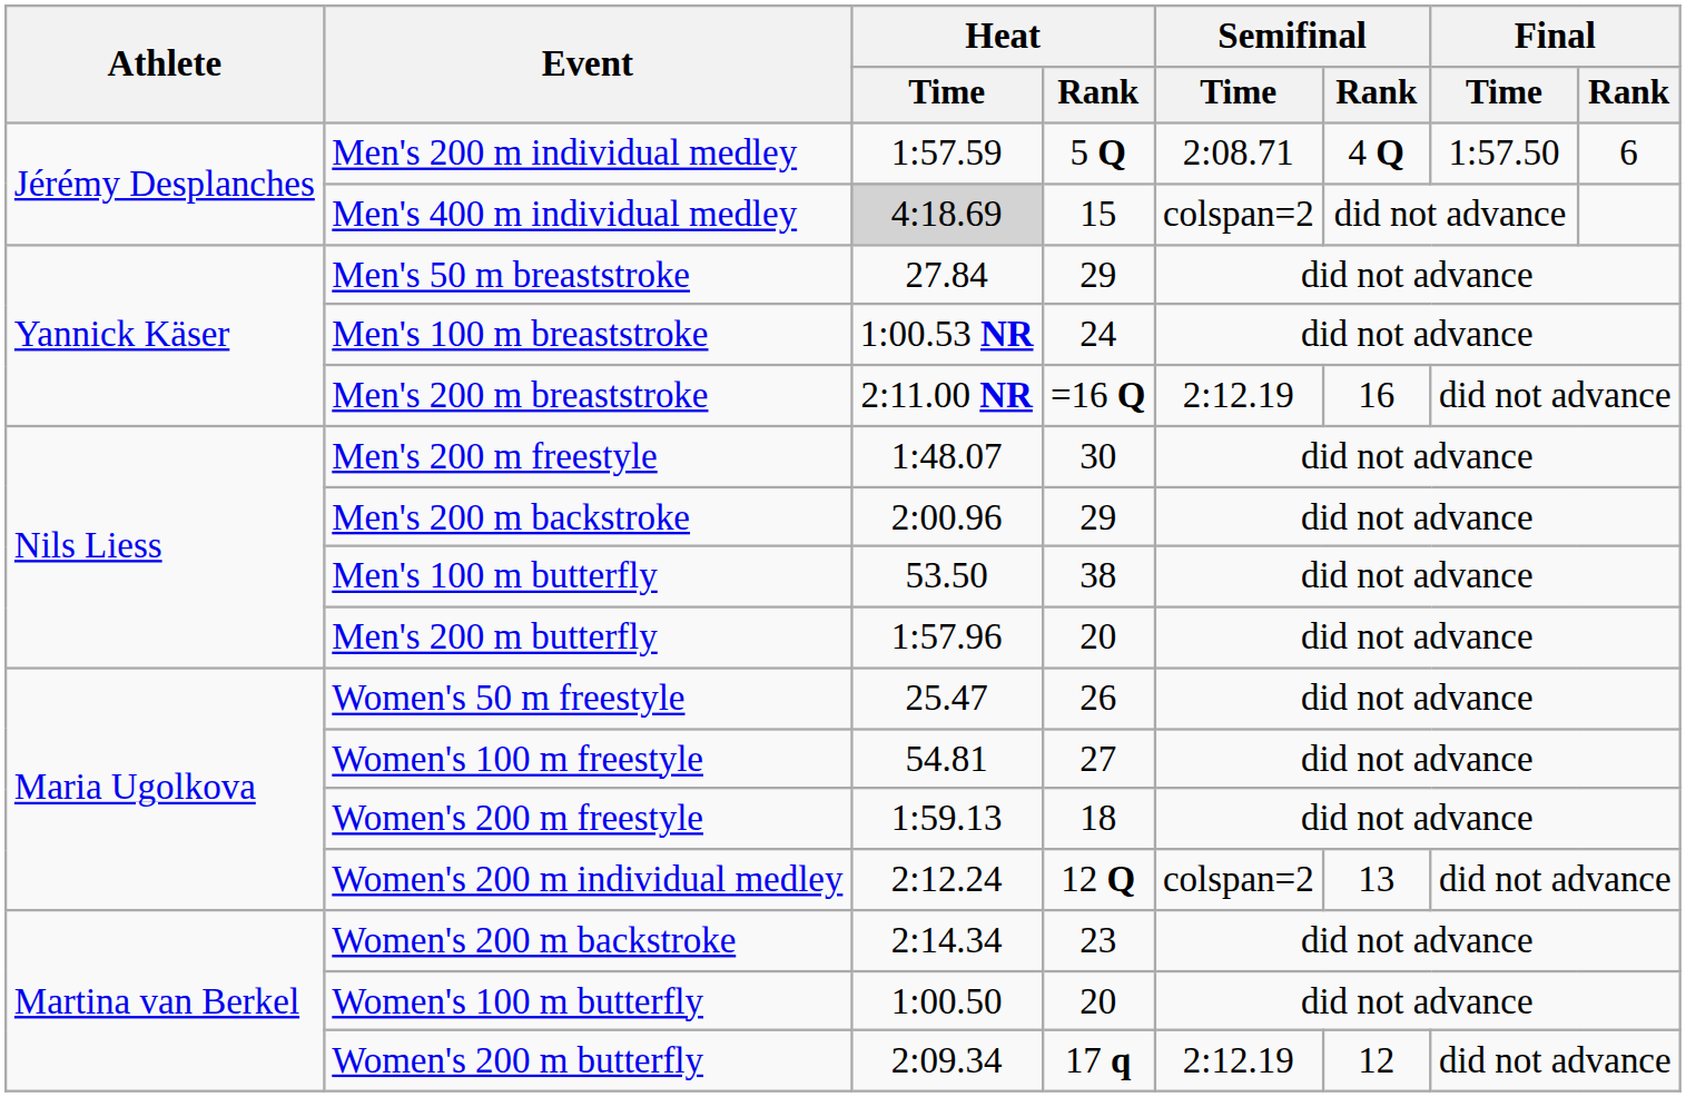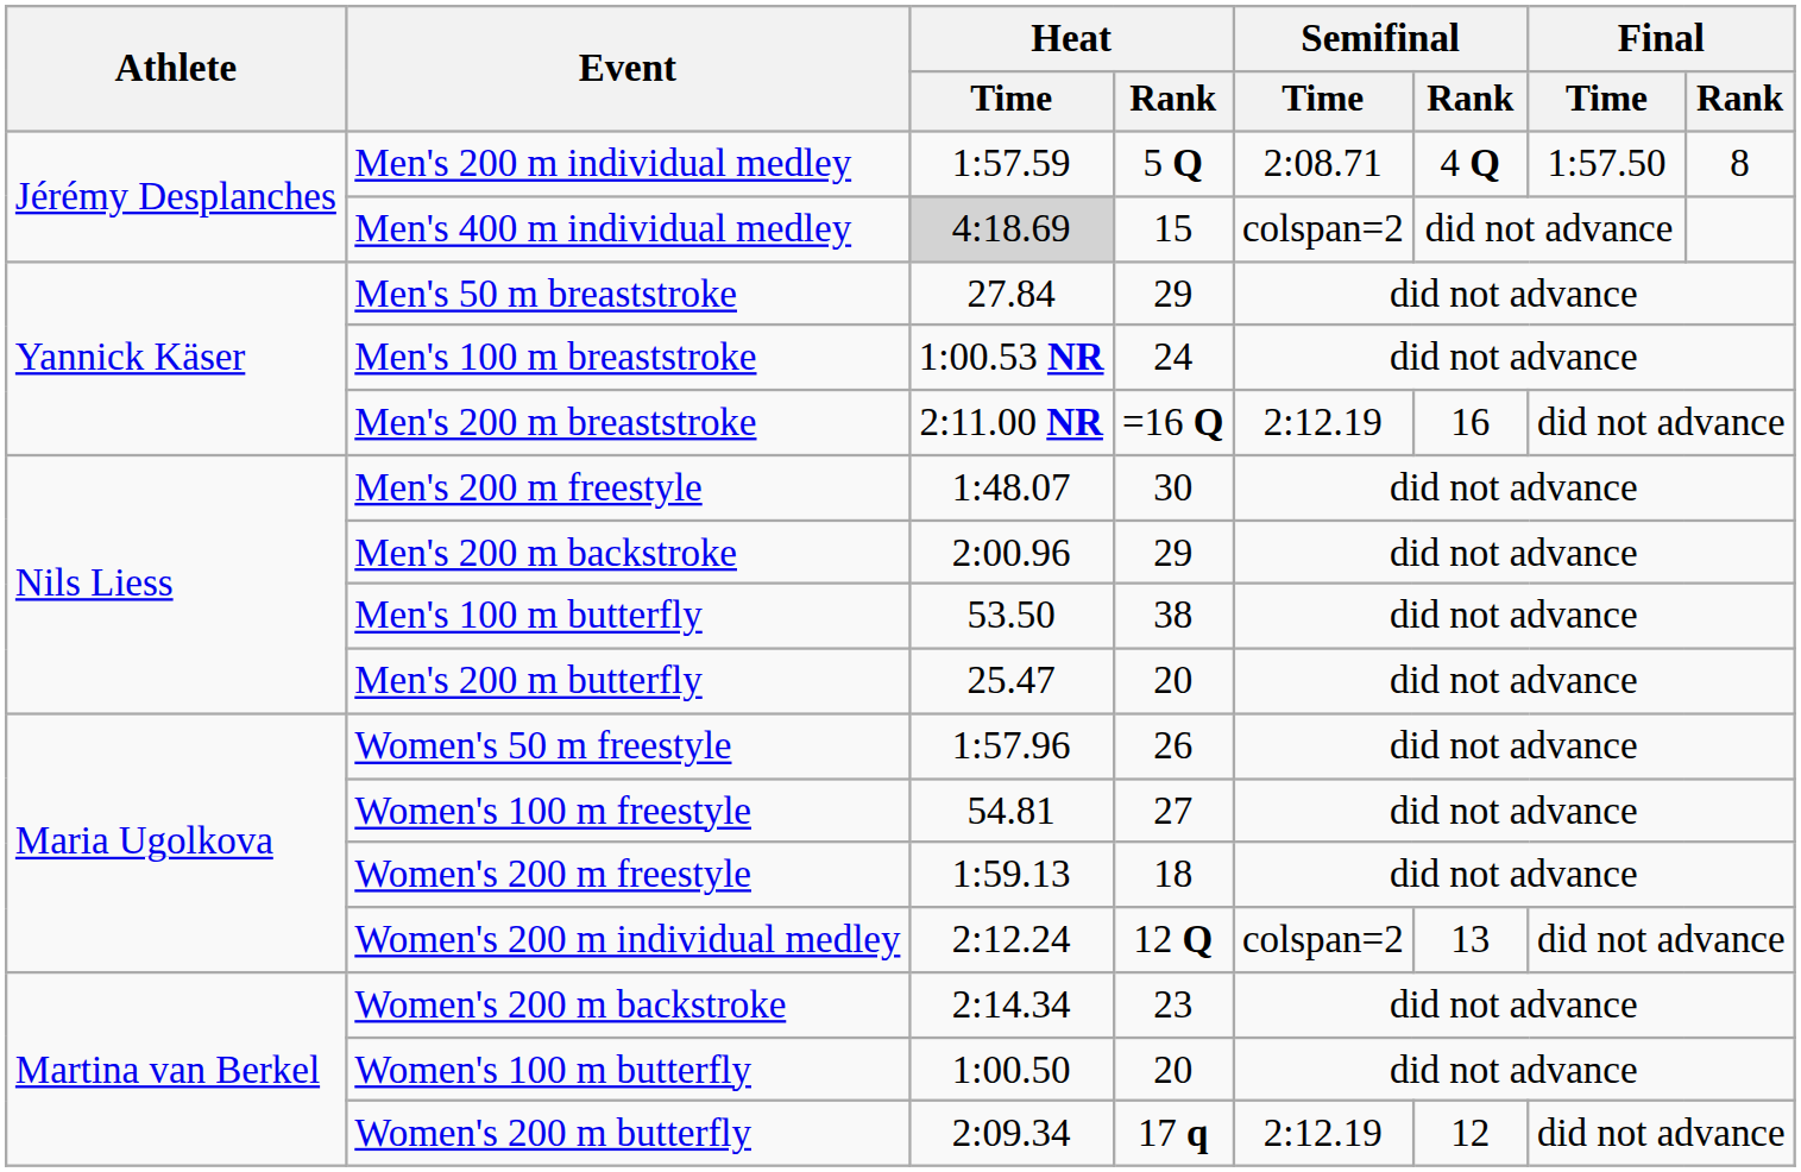 <table class=wikitable style="font-size:90%">
 <tr>
 <th rowspan="2">Athlete</th>
 <th rowspan="2">Event</th>
 <th colspan="2">Heat</th>
 <th colspan="2">Semifinal</th>
 <th colspan="2">Final</th>
 </tr>
 <tr style="font-size:95%">
 <th>Time</th>
 <th>Rank</th>
 <th>Time</th>
 <th>Rank</th>
 <th>Time</th>
 <th>Rank</th>
 </tr>
 <tr align=center>
 <td align=left rowspan=2><a href='#'>Jérémy Desplanches</a></td>
 <td align=left><a href='#'>Men's 200 m individual medley</a></td>
 <td>1:57.59</td>
 <td>5 <strong>Q</strong></td>
 <td>2:08.71</td>
 <td>4 <strong>Q</strong></td>
 <td>1:57.50</td>
-<td>6</td>
+<td>8</td>
 </tr>
 <tr align=center>
 <td align=left><a href='#'>Men's 400 m individual medley</a></td>
 <td style="background: lightgrey;">4:18.69</td>
 <td>15</td>
 <td>colspan=2 </td>
 <td colspan=2>did not advance</td>
 </tr>
 <tr align=center>
 <td align=left rowspan=3><a href='#'>Yannick Käser</a></td>
 <td align=left><a href='#'>Men's 50 m breaststroke</a></td>
 <td>27.84</td>
 <td>29</td>
 <td colspan=4>did not advance</td>
 </tr>
 <tr align=center>
 <td align=left><a href='#'>Men's 100 m breaststroke</a></td>
 <td>1:00.53 <strong><a href='#'>NR</a></strong></td>
 <td>24</td>
 <td colspan=4>did not advance</td>
 </tr>
 <tr align=center>
 <td align=left><a href='#'>Men's 200 m breaststroke</a></td>
 <td>2:11.00 <strong><a href='#'>NR</a></strong></td>
 <td>=16 <strong>Q</strong></td>
 <td>2:12.19</td>
 <td>16</td>
 <td colspan=2>did not advance</td>
 </tr>
 <tr align=center>
 <td align=left rowspan=4><a href='#'>Nils Liess</a></td>
 <td align=left><a href='#'>Men's 200 m freestyle</a></td>
 <td>1:48.07</td>
 <td>30</td>
 <td colspan=4>did not advance</td>
 </tr>
 <tr align=center>
 <td align=left><a href='#'>Men's 200 m backstroke</a></td>
 <td>2:00.96</td>
 <td>29</td>
 <td colspan=4>did not advance</td>
 </tr>
 <tr align=center>
 <td align=left><a href='#'>Men's 100 m butterfly</a></td>
 <td>53.50</td>
 <td>38</td>
 <td colspan=4>did not advance</td>
 </tr>
 <tr align=center>
 <td align=left><a href='#'>Men's 200 m butterfly</a></td>
-<td>1:57.96</td>
+<td>25.47</td>
 <td>20</td>
 <td colspan=4>did not advance</td>
 </tr>
 <tr align=center>
 <td align=left rowspan=4><a href='#'>Maria Ugolkova</a></td>
 <td align=left><a href='#'>Women's 50 m freestyle</a></td>
-<td>25.47</td>
+<td>1:57.96</td>
 <td>26</td>
 <td colspan=4>did not advance</td>
 </tr>
 <tr align=center>
 <td align=left><a href='#'>Women's 100 m freestyle</a></td>
 <td>54.81</td>
 <td>27</td>
 <td colspan=4>did not advance</td>
 </tr>
 <tr align=center>
 <td align=left><a href='#'>Women's 200 m freestyle</a></td>
 <td>1:59.13</td>
 <td>18</td>
 <td colspan=4>did not advance</td>
 </tr>
 <tr align=center>
 <td align=left><a href='#'>Women's 200 m individual medley</a></td>
 <td>2:12.24</td>
 <td>12 <strong>Q</strong></td>
 <td>colspan=2 </td>
 <td>13</td>
 <td colspan=2>did not advance</td>
 </tr>
 <tr align=center>
 <td align=left rowspan=3><a href='#'>Martina van Berkel</a></td>
 <td align=left><a href='#'>Women's 200 m backstroke</a></td>
 <td>2:14.34</td>
 <td>23</td>
 <td colspan=4>did not advance</td>
 </tr>
 <tr align=center>
 <td align=left><a href='#'>Women's 100 m butterfly</a></td>
 <td>1:00.50</td>
 <td>20</td>
 <td colspan=4>did not advance</td>
 </tr>
 <tr align=center>
 <td align=left><a href='#'>Women's 200 m butterfly</a></td>
 <td>2:09.34</td>
 <td>17 <strong>q</strong></td>
 <td>2:12.19</td>
 <td>12</td>
 <td colspan=2>did not advance</td>
 </tr>
 </table>
